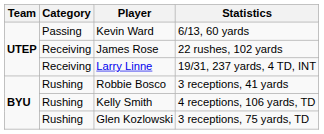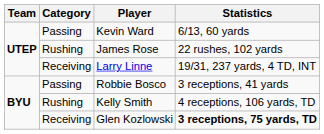 <table class="wikitable" style="float: left;">
 <tr>
 <th>Team</th>
 <th>Category</th>
 <th>Player</th>
 <th>Statistics</th>
 </tr>
 <tr>
 <td rowspan=3><strong>UTEP</strong></td>
 <td>Passing</td>
 <td>Kevin Ward</td>
 <td>6/13, 60 yards</td>
 </tr>
 <tr>
-<td>Receiving</td>
+<td>Rushing</td>
 <td>James Rose</td>
 <td>22 rushes, 102 yards</td>
 </tr>
 <tr>
 <td>Receiving</td>
 <td><a href='#'>Larry Linne</a></td>
 <td>19/31, 237 yards, 4 TD, INT</td>
 </tr>
 <tr>
 <td rowspan=3><strong>BYU</strong></td>
-<td>Rushing</td>
+<td>Passing</td>
 <td>Robbie Bosco</td>
 <td>3 receptions, 41 yards</td>
 </tr>
 <tr>
 <td>Rushing</td>
 <td>Kelly Smith</td>
 <td>4 receptions, 106 yards, TD</td>
 </tr>
 <tr>
-<td>Rushing</td>
+<td>Receiving</td>
 <td>Glen Kozlowski</td>
-<td>3 receptions, 75 yards, TD</td>
+<td><strong>3 receptions, 75 yards, TD</strong></td>
 </tr>
 </table>
